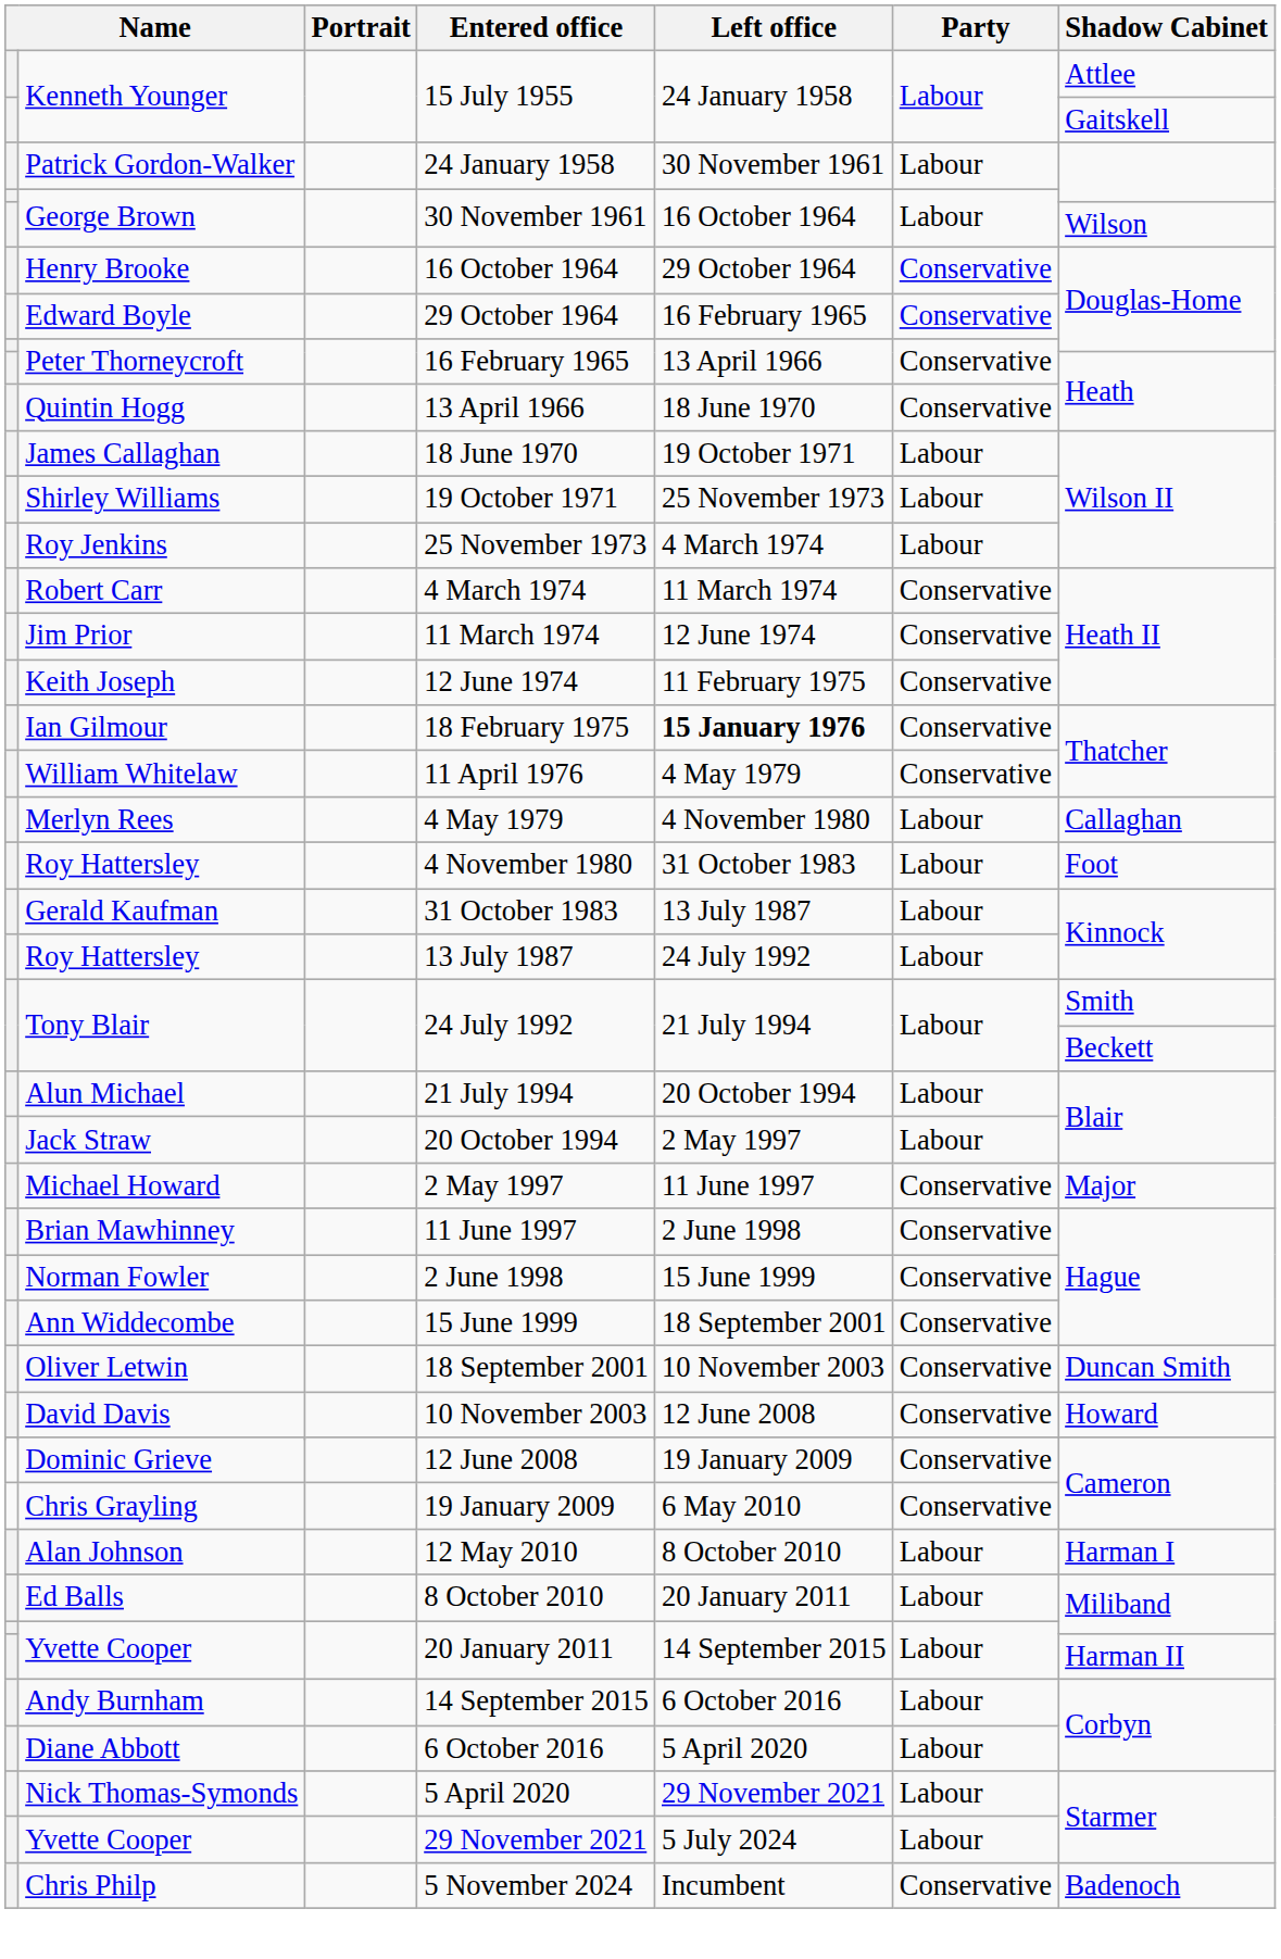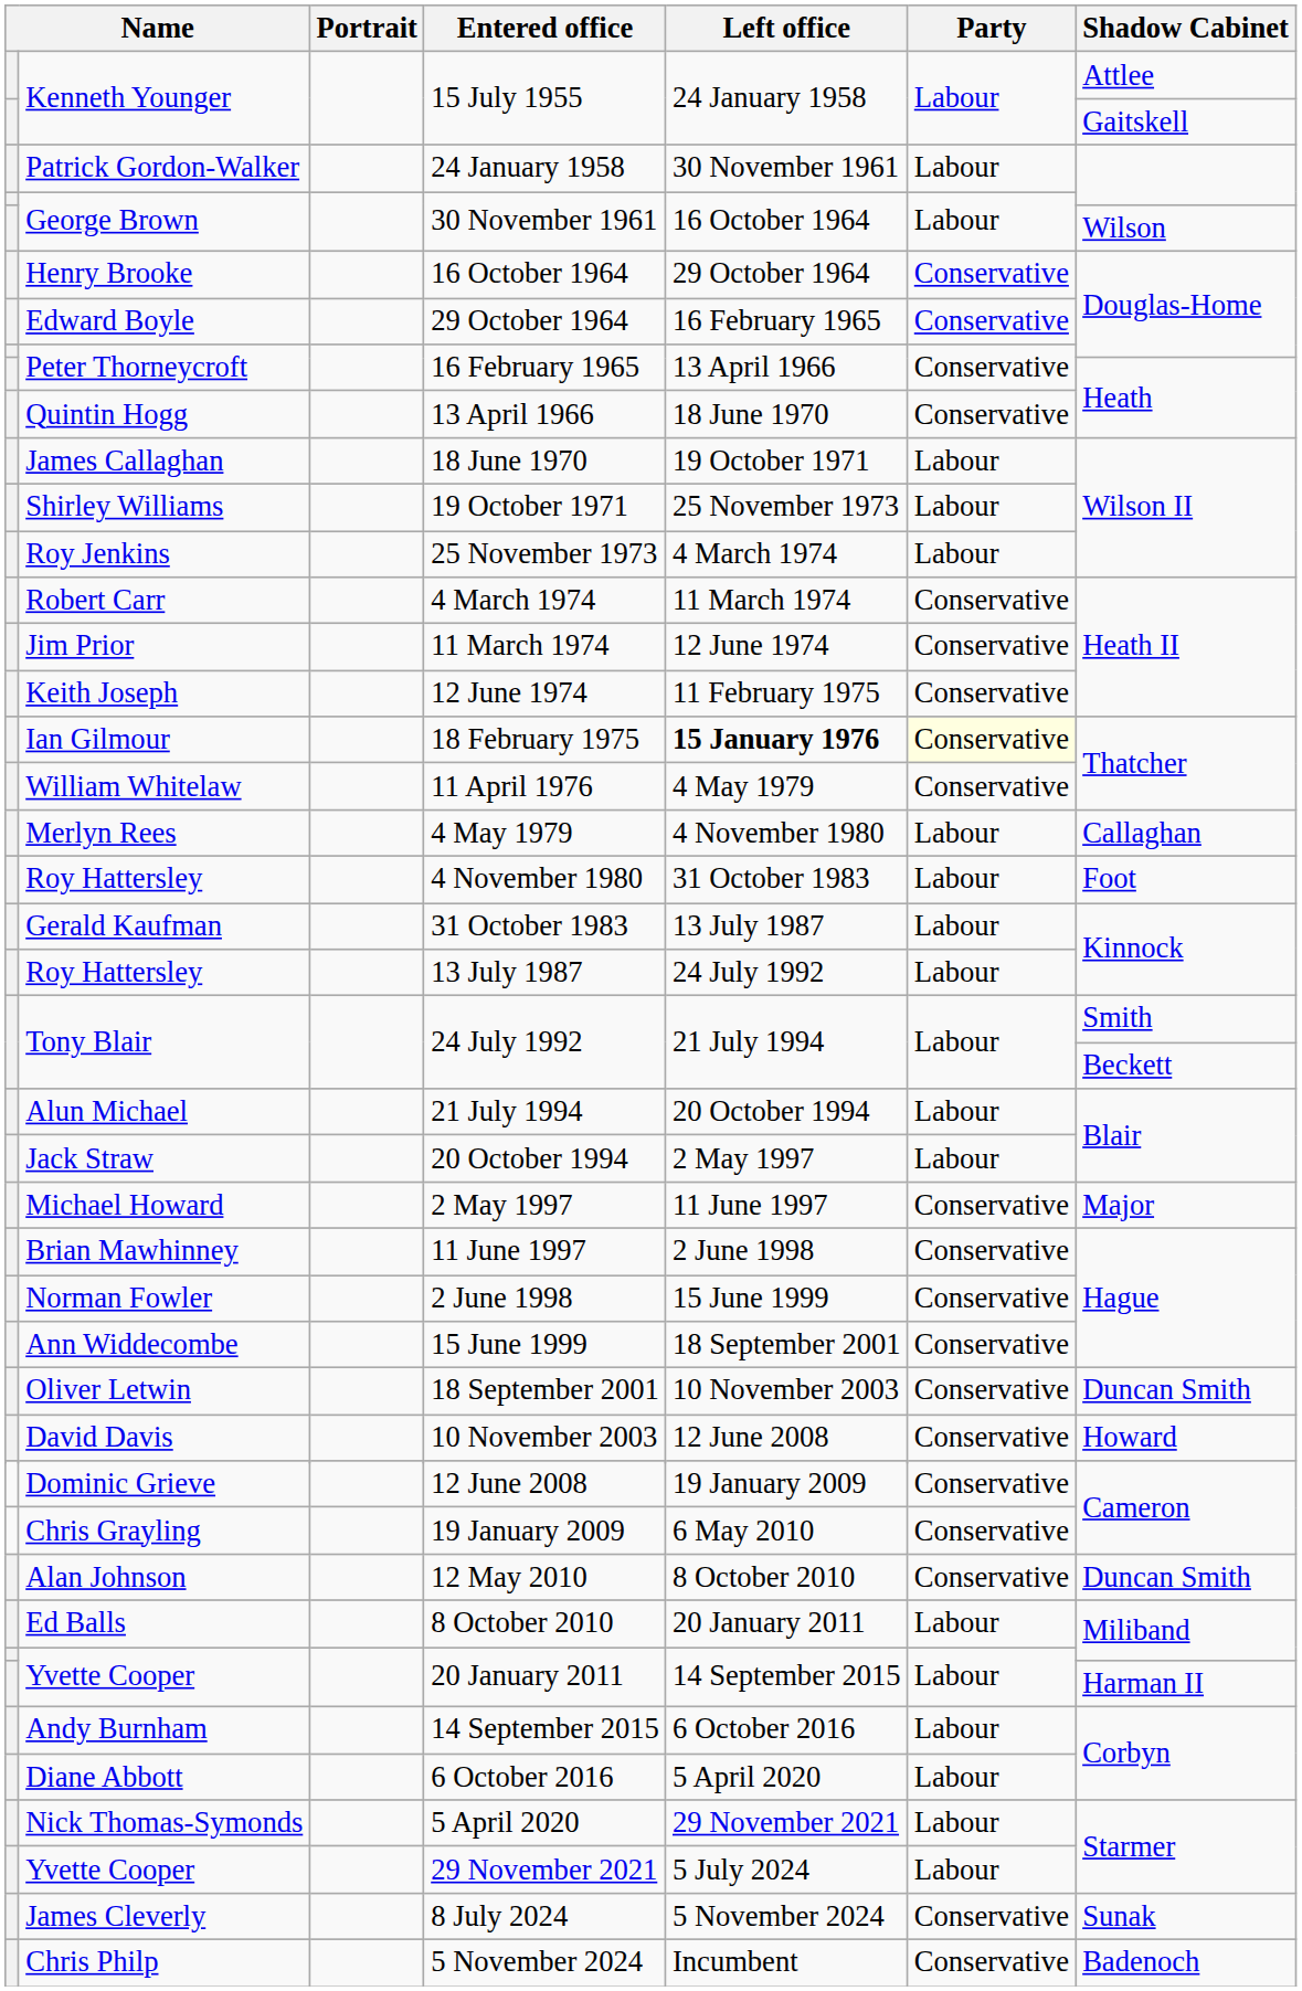 <table class="wikitable">
 <tr>
 <th colspan=2>Name</th>
 <th width=50>Portrait</th>
 <th>Entered office</th>
 <th>Left office</th>
 <th>Party</th>
 <th>Shadow Cabinet</th>
 </tr>
 <tr>
 <th style="background-color: "></th>
 <td rowspan="2"><a href='#'>Kenneth Younger</a></td>
 <td rowspan="2"></td>
 <td rowspan="2">15 July 1955</td>
 <td rowspan="2">24 January 1958</td>
 <td rowspan="2" ><a href='#'>Labour</a></td>
 <td><a href='#'>Attlee</a></td>
 </tr>
 <tr>
 <th style="background-color: "></th>
 <td><a href='#'>Gaitskell</a></td>
 </tr>
 <tr>
 <th style="background-color: "></th>
 <td><a href='#'>Patrick Gordon-Walker</a></td>
 <td></td>
 <td>24 January 1958</td>
 <td>30 November 1961</td>
 <td>Labour</td>
 </tr>
 <tr>
 <th style="background-color: "></th>
 <td rowspan="2"><a href='#'>George Brown</a></td>
 <td rowspan="2"></td>
 <td rowspan="2">30 November 1961</td>
 <td rowspan="2">16 October 1964</td>
 <td rowspan="2" >Labour</td>
 </tr>
 <tr>
 <th style="background-color: "></th>
 <td><a href='#'>Wilson</a></td>
 </tr>
 <tr>
 <th style="background-color: "></th>
 <td><a href='#'>Henry Brooke</a></td>
 <td></td>
 <td>16 October 1964</td>
 <td>29 October 1964</td>
 <td><a href='#'>Conservative</a></td>
 <td rowspan="3" ><a href='#'>Douglas-Home</a></td>
 </tr>
 <tr>
 <th style="background-color: "></th>
 <td><a href='#'>Edward Boyle</a></td>
 <td></td>
 <td>29 October 1964</td>
 <td>16 February 1965</td>
 <td><a href='#'>Conservative</a></td>
 </tr>
 <tr>
 <th style="background-color: "></th>
 <td rowspan=2><a href='#'>Peter Thorneycroft</a></td>
 <td rowspan=2></td>
 <td rowspan=2>16 February 1965</td>
 <td rowspan=2>13 April 1966</td>
 <td rowspan=2>Conservative</td>
 </tr>
 <tr>
 <th style="background-color: "></th>
 <td rowspan="2" ><a href='#'>Heath</a></td>
 </tr>
 <tr>
 <th style="background-color: "></th>
 <td><a href='#'>Quintin Hogg</a></td>
 <td></td>
 <td>13 April 1966</td>
 <td>18 June 1970</td>
 <td>Conservative</td>
 </tr>
 <tr>
 <th style="background-color: "></th>
 <td><a href='#'>James Callaghan</a></td>
 <td></td>
 <td>18 June 1970</td>
 <td>19 October 1971</td>
 <td>Labour</td>
 <td rowspan="3" ><a href='#'>Wilson II</a></td>
 </tr>
 <tr>
 <th style="background-color: "></th>
 <td><a href='#'>Shirley Williams</a></td>
 <td></td>
 <td>19 October 1971</td>
 <td>25 November 1973</td>
 <td>Labour</td>
 </tr>
 <tr>
 <th style="background-color: "></th>
 <td><a href='#'>Roy Jenkins</a></td>
 <td></td>
 <td>25 November 1973</td>
 <td>4 March 1974</td>
 <td>Labour</td>
 </tr>
 <tr>
 <th style="background-color: "></th>
 <td><a href='#'>Robert Carr</a></td>
 <td></td>
 <td>4 March 1974</td>
 <td>11 March 1974</td>
 <td>Conservative</td>
 <td rowspan=3 ><a href='#'>Heath II</a></td>
 </tr>
 <tr>
 <th style="background-color: "></th>
 <td><a href='#'>Jim Prior</a></td>
 <td></td>
 <td>11 March 1974</td>
 <td>12 June 1974</td>
 <td>Conservative</td>
 </tr>
 <tr>
 <th style="background-color: "></th>
 <td><a href='#'>Keith Joseph</a></td>
 <td></td>
 <td>12 June 1974</td>
 <td>11 February 1975</td>
 <td>Conservative</td>
 </tr>
 <tr>
 <th style="background-color: "></th>
 <td><a href='#'>Ian Gilmour</a></td>
 <td></td>
 <td>18 February 1975</td>
 <td><strong>15 January 1976</strong></td>
-<td>Conservative</td>
+<td style="background: lightyellow;">Conservative</td>
 <td rowspan="2" ><a href='#'>Thatcher</a></td>
 </tr>
 <tr>
 <th style="background-color: "></th>
 <td><a href='#'>William Whitelaw</a></td>
 <td></td>
 <td>11 April 1976</td>
 <td>4 May 1979</td>
 <td>Conservative</td>
 </tr>
 <tr>
 <th style="background-color: "></th>
 <td><a href='#'>Merlyn Rees</a></td>
 <td></td>
 <td>4 May 1979</td>
 <td>4 November 1980</td>
 <td>Labour</td>
 <td><a href='#'>Callaghan</a></td>
 </tr>
 <tr>
 <th style="background-color: "></th>
 <td><a href='#'>Roy Hattersley</a></td>
 <td></td>
 <td>4 November 1980</td>
 <td>31 October 1983</td>
 <td>Labour</td>
 <td><a href='#'>Foot</a></td>
 </tr>
 <tr>
 <th style="background-color: "></th>
 <td><a href='#'>Gerald Kaufman</a></td>
 <td></td>
 <td>31 October 1983</td>
 <td>13 July 1987</td>
 <td>Labour</td>
 <td rowspan="2" ><a href='#'>Kinnock</a></td>
 </tr>
 <tr>
 <th style="background-color: "></th>
 <td><a href='#'>Roy Hattersley</a></td>
 <td></td>
 <td>13 July 1987</td>
 <td>24 July 1992</td>
 <td>Labour</td>
 </tr>
 <tr>
 <th rowspan=2 style="background-color: "></th>
 <td rowspan=2><a href='#'>Tony Blair</a></td>
 <td rowspan=2></td>
 <td rowspan=2>24 July 1992</td>
 <td rowspan=2>21 July 1994</td>
 <td rowspan=2 >Labour</td>
 <td><a href='#'>Smith</a></td>
 </tr>
 <tr>
 <td><a href='#'>Beckett</a></td>
 </tr>
 <tr>
 <th style="background-color: "></th>
 <td><a href='#'>Alun Michael</a></td>
 <td></td>
 <td>21 July 1994</td>
 <td>20 October 1994</td>
 <td>Labour</td>
 <td rowspan="2"><a href='#'>Blair</a></td>
 </tr>
 <tr>
 <th style="background-color: "></th>
 <td><a href='#'>Jack Straw</a></td>
 <td></td>
 <td>20 October 1994</td>
 <td>2 May 1997</td>
 <td>Labour</td>
 </tr>
 <tr>
 <th style="background-color: "></th>
 <td><a href='#'>Michael Howard</a></td>
 <td></td>
 <td>2 May 1997</td>
 <td>11 June 1997</td>
 <td>Conservative</td>
 <td><a href='#'>Major</a></td>
 </tr>
 <tr>
 <th style="background-color: "></th>
 <td><a href='#'>Brian Mawhinney</a></td>
 <td></td>
 <td>11 June 1997</td>
 <td>2 June 1998</td>
 <td>Conservative</td>
 <td rowspan="3" ><a href='#'>Hague</a></td>
 </tr>
 <tr>
 <th style="background-color: "></th>
 <td><a href='#'>Norman Fowler</a></td>
 <td></td>
 <td>2 June 1998</td>
 <td>15 June 1999</td>
 <td>Conservative</td>
 </tr>
 <tr>
 <th style="background-color: "></th>
 <td><a href='#'>Ann Widdecombe</a></td>
 <td></td>
 <td>15 June 1999</td>
 <td>18 September 2001</td>
 <td>Conservative</td>
 </tr>
 <tr>
 <th style="background-color: "></th>
 <td><a href='#'>Oliver Letwin</a></td>
 <td></td>
 <td>18 September 2001</td>
 <td>10 November 2003</td>
 <td>Conservative</td>
 <td><a href='#'>Duncan Smith</a></td>
 </tr>
 <tr>
 <th rowspan="2" style="background-color: "></th>
 <td rowspan="2"><a href='#'>David Davis</a></td>
 <td rowspan="2"></td>
 <td rowspan="2">10 November 2003</td>
 <td rowspan="2">12 June 2008</td>
 <td rowspan="2" >Conservative</td>
 <td><a href='#'>Howard</a></td>
 </tr>
 <tr>
 <td rowspan="3" ><a href='#'>Cameron</a></td>
 </tr>
 <tr>
 <td style="background-color: "></td>
 <td><a href='#'>Dominic Grieve</a></td>
 <td></td>
 <td>12 June 2008</td>
 <td>19 January 2009</td>
 <td>Conservative</td>
 </tr>
 <tr>
 <td style="background-color: "></td>
 <td><a href='#'>Chris Grayling</a></td>
 <td></td>
 <td>19 January 2009</td>
 <td>6 May 2010</td>
 <td>Conservative</td>
 </tr>
 <tr>
 <th style="background-color: "></th>
 <td><a href='#'>Alan Johnson</a></td>
 <td></td>
 <td>12 May 2010</td>
 <td>8 October 2010</td>
-<td>Labour</td>
-<td><a href='#'>Harman I</a></td>
+<td>Conservative</td>
+<td><a href='#'>Duncan Smith</a></td>
 </tr>
 <tr>
 <th style="background-color: "></th>
 <td><a href='#'>Ed Balls</a></td>
 <td></td>
 <td>8 October 2010</td>
 <td>20 January 2011</td>
 <td>Labour</td>
 <td rowspan="2" ><a href='#'>Miliband</a></td>
 </tr>
 <tr>
 <th style="background-color: "></th>
 <td rowspan="2"><a href='#'>Yvette Cooper</a></td>
 <td rowspan="2"></td>
 <td rowspan="2">20 January 2011</td>
 <td rowspan="2">14 September 2015</td>
 <td rowspan="2" >Labour</td>
 </tr>
 <tr>
 <th style="background-color: "></th>
 <td><a href='#'>Harman II</a></td>
 </tr>
 <tr>
 <th style="background-color: "></th>
 <td><a href='#'>Andy Burnham</a></td>
 <td></td>
 <td>14 September 2015</td>
 <td>6 October 2016</td>
 <td>Labour</td>
 <td rowspan="2" ><a href='#'>Corbyn</a></td>
 </tr>
 <tr>
 <th style="background-color: "></th>
 <td><a href='#'>Diane Abbott</a></td>
 <td></td>
 <td>6 October 2016</td>
 <td>5 April 2020</td>
 <td>Labour</td>
 </tr>
 <tr>
 <th style="background-color: "></th>
 <td><a href='#'>Nick Thomas-Symonds</a></td>
 <td></td>
 <td>5 April 2020</td>
 <td><a href='#'>29 November 2021</a></td>
 <td>Labour</td>
 <td rowspan="2" ><a href='#'>Starmer</a></td>
 </tr>
 <tr>
 <th style="background-color: "></th>
 <td><a href='#'>Yvette Cooper</a></td>
 <td></td>
 <td><a href='#'>29 November 2021</a></td>
 <td>5 July 2024</td>
 <td>Labour</td>
 </tr>
 <tr>
 <th style="background-color: "></th>
+<td><a href='#'>James Cleverly</a></td>
+<td></td>
+<td>8 July 2024</td>
+<td>5 November 2024</td>
+<td>Conservative</td>
+<td><a href='#'>Sunak</a></td>
+</tr>
+<tr>
+<th style="background-color: "></th>
 <td><a href='#'>Chris Philp</a></td>
 <td></td>
 <td>5 November 2024</td>
 <td>Incumbent</td>
 <td>Conservative</td>
 <td><a href='#'>Badenoch</a></td>
 </tr>
 </table>
